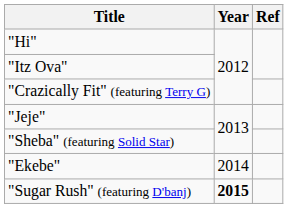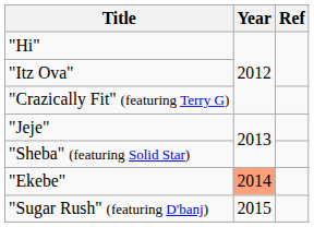 <table class="wikitable sortable">
 <tr>
 <th>Title</th>
 <th>Year</th>
 <th>Ref</th>
 </tr>
 <tr>
 <td>"Hi"</td>
 <td rowspan="3">2012</td>
 <td rowspan="2"></td>
 </tr>
 <tr>
 <td>"Itz Ova"</td>
 </tr>
 <tr>
 <td>"Crazically Fit" <small>(featuring <a href='#'>Terry G</a>)</small></td>
 <td></td>
 </tr>
 <tr>
 <td>"Jeje"</td>
 <td rowspan="2">2013</td>
 <td></td>
 </tr>
 <tr>
 <td>"Sheba" <small>(featuring <a href='#'>Solid Star</a>)</small></td>
 <td></td>
 </tr>
 <tr>
 <td>"Ekebe"</td>
-<td>2014</td>
+<td style="background: lightsalmon;">2014</td>
 <td></td>
 </tr>
 <tr>
 <td>"Sugar Rush" <small>(featuring <a href='#'>D'banj</a>)</small></td>
-<td><strong>2015</strong></td>
+<td>2015</td>
 <td></td>
 </tr>
 </table>
